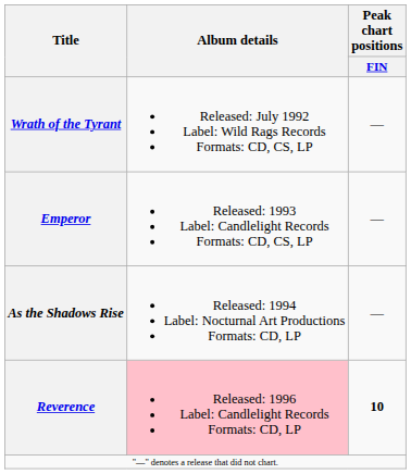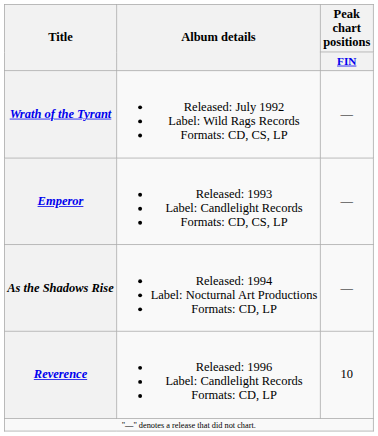 <table class="wikitable plainrowheaders" style="text-align:center;">
 <tr>
 <th scope="col" rowspan="2">Title</th>
 <th scope="col" rowspan="2">Album details</th>
 <th scope="col" colspan="1">Peak chart positions</th>
 </tr>
 <tr>
 <th scope="col" style="width:3em;font-size:90%;"><a href='#'>FIN</a><br></th>
 </tr>
 <tr>
 <th scope="row"><strong><em><a href='#'>Wrath of the Tyrant</a></em></strong></th>
 <td><br><ul><li>Released: July 1992</li><li>Label: Wild Rags Records</li><li>Formats: CD, CS, LP</li></ul></td>
 <td align="center">—</td>
 </tr>
 <tr>
 <th scope="row"><strong><em><a href='#'>Emperor</a></em></strong></th>
 <td><br><ul><li>Released: 1993</li><li>Label: Candlelight Records</li><li>Formats: CD, CS, LP</li></ul></td>
 <td align="center">—</td>
 </tr>
 <tr>
 <th scope="row"><strong><em>As the Shadows Rise</em></strong></th>
 <td><br><ul><li>Released: 1994</li><li>Label: Nocturnal Art Productions</li><li>Formats: CD, LP</li></ul></td>
 <td align="center">—</td>
 </tr>
 <tr>
 <th scope="row"><strong><em><a href='#'>Reverence</a></em></strong></th>
-<td style="background: pink;"><br><ul><li>Released: 1996</li><li>Label: Candlelight Records</li><li>Formats: CD, LP</li></ul></td>
-<td align="center"><strong>10</strong></td>
+<td><br><ul><li>Released: 1996</li><li>Label: Candlelight Records</li><li>Formats: CD, LP</li></ul></td>
+<td align="center">10</td>
 </tr>
 <tr>
 <td colspan=10 style=font-size:8pt;>"—" denotes a release that did not chart.</td>
 </tr>
 </table>
